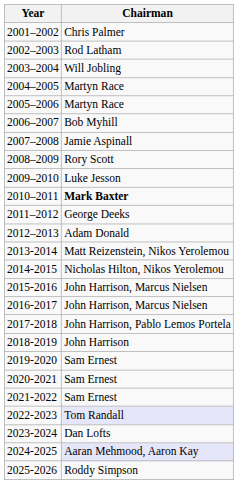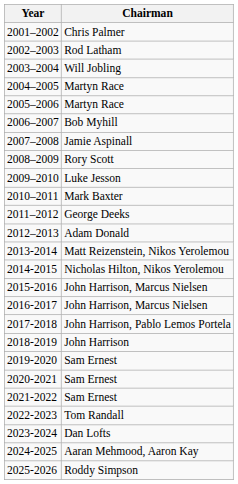 <table class="wikitable">
 <tr>
 <th>Year</th>
 <th>Chairman</th>
 </tr>
 <tr>
 <td>2001–2002</td>
 <td>Chris Palmer</td>
 </tr>
 <tr>
 <td>2002–2003</td>
 <td>Rod Latham</td>
 </tr>
 <tr>
 <td>2003–2004</td>
 <td>Will Jobling</td>
 </tr>
 <tr>
 <td>2004–2005</td>
 <td>Martyn Race</td>
 </tr>
 <tr>
 <td>2005–2006</td>
 <td>Martyn Race</td>
 </tr>
 <tr>
 <td>2006–2007</td>
 <td>Bob Myhill</td>
 </tr>
 <tr>
 <td>2007–2008</td>
 <td>Jamie Aspinall</td>
 </tr>
 <tr>
 <td>2008–2009</td>
 <td>Rory Scott</td>
 </tr>
 <tr>
 <td>2009–2010</td>
 <td>Luke Jesson</td>
 </tr>
 <tr>
 <td>2010–2011</td>
-<td><strong>Mark Baxter</strong></td>
+<td>Mark Baxter</td>
 </tr>
 <tr>
 <td>2011–2012</td>
 <td>George Deeks</td>
 </tr>
 <tr>
 <td>2012–2013</td>
 <td>Adam Donald</td>
 </tr>
 <tr>
 <td>2013-2014</td>
 <td>Matt Reizenstein, Nikos Yerolemou</td>
 </tr>
 <tr>
 <td>2014-2015</td>
 <td>Nicholas Hilton, Nikos Yerolemou</td>
 </tr>
 <tr>
 <td>2015-2016</td>
 <td>John Harrison, Marcus Nielsen</td>
 </tr>
 <tr>
 <td>2016-2017</td>
 <td>John Harrison, Marcus Nielsen</td>
 </tr>
 <tr>
 <td>2017-2018</td>
 <td>John Harrison, Pablo Lemos Portela</td>
 </tr>
 <tr>
 <td>2018-2019</td>
 <td>John Harrison</td>
 </tr>
 <tr>
 <td>2019-2020</td>
 <td>Sam Ernest</td>
 </tr>
 <tr>
 <td>2020-2021</td>
 <td>Sam Ernest</td>
 </tr>
 <tr>
 <td>2021-2022</td>
 <td>Sam Ernest</td>
 </tr>
 <tr>
 <td>2022-2023</td>
-<td style="background: lavender;">Tom Randall</td>
+<td>Tom Randall</td>
 </tr>
 <tr>
 <td>2023-2024</td>
 <td>Dan Lofts</td>
 </tr>
 <tr>
 <td>2024-2025</td>
-<td style="background: lavender;">Aaran Mehmood, Aaron Kay</td>
+<td>Aaran Mehmood, Aaron Kay</td>
 </tr>
 <tr>
 <td>2025-2026</td>
 <td>Roddy Simpson</td>
 </tr>
 </table>
